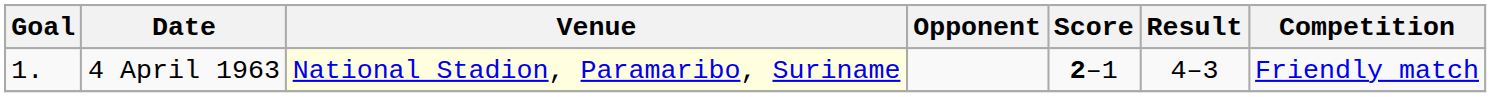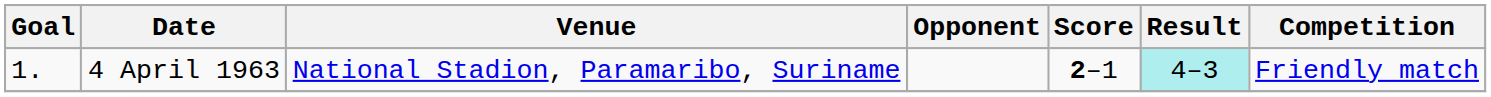 <table class="wikitable collapsible">
 <tr>
 <th>Goal</th>
 <th>Date</th>
 <th>Venue</th>
 <th>Opponent</th>
 <th>Score</th>
 <th>Result</th>
 <th>Competition</th>
 </tr>
 <tr>
 <td>1.</td>
 <td>4 April 1963</td>
-<td style="background: lightyellow;"><a href='#'>National Stadion</a>, <a href='#'>Paramaribo</a>, <a href='#'>Suriname</a></td>
+<td><a href='#'>National Stadion</a>, <a href='#'>Paramaribo</a>, <a href='#'>Suriname</a></td>
 <td></td>
 <td style="text-align:center;"><strong>2</strong>–1</td>
-<td style="text-align:center;">4–3</td>
+<td style="background: paleturquoise; text-align:center;">4–3</td>
 <td><a href='#'>Friendly match</a></td>
 </tr>
 <tr>
 </tr>
 </table>
